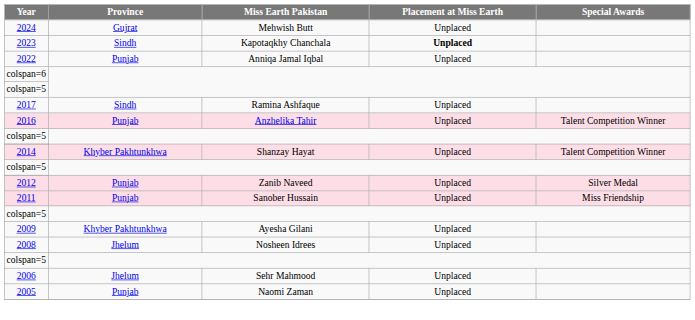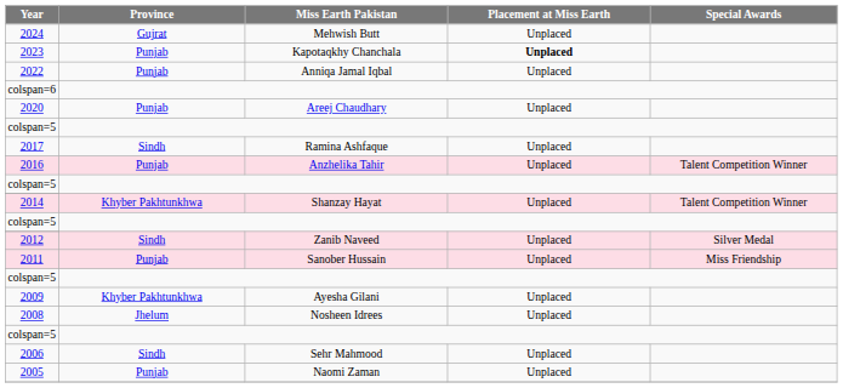 <table class="wikitable" style="font-size: 92%; text-align:center">
 <tr>
 <th width="60" style="background-color:#787878;color:#FFFFFF;">Year</th>
 <th width="230" style="background-color:#787878;color:#FFFFFF;">Province</th>
 <th width="250" style="background-color:#787878;color:#FFFFFF;">Miss Earth Pakistan</th>
 <th width="250" style="background-color:#787878;color:#FFFFFF;">Placement at Miss Earth</th>
 <th width="230" style="background-color:#787878;color:#FFFFFF;">Special Awards</th>
 </tr>
 <tr>
 <td><a href='#'>2024</a></td>
 <td><a href='#'>Gujrat</a></td>
 <td>Mehwish Butt</td>
 <td>Unplaced</td>
 <td></td>
 </tr>
 <tr>
 <td><a href='#'>2023</a></td>
-<td><a href='#'>Sindh</a></td>
+<td><a href='#'>Punjab</a></td>
 <td>Kapotaqkhy Chanchala</td>
 <td><strong>Unplaced</strong></td>
 <td></td>
 </tr>
 <tr>
 <td><a href='#'>2022</a></td>
 <td><a href='#'>Punjab</a></td>
 <td>Anniqa Jamal Iqbal</td>
 <td>Unplaced</td>
 <td></td>
 </tr>
 <tr>
 <td>colspan=6 </td>
+</tr>
+<tr>
+<td><a href='#'>2020</a></td>
+<td><a href='#'>Punjab</a></td>
+<td><a href='#'>Areej Chaudhary</a></td>
+<td>Unplaced</td>
+<td></td>
 </tr>
 <tr>
 <td>colspan=5 </td>
 </tr>
 <tr>
 <td><a href='#'>2017</a></td>
 <td><a href='#'>Sindh</a></td>
 <td>Ramina Ashfaque</td>
 <td>Unplaced</td>
 <td></td>
 </tr>
 <tr style="background-color:#FDDDE6;">
 <td><a href='#'>2016</a></td>
 <td><a href='#'>Punjab</a></td>
 <td><a href='#'>Anzhelika Tahir</a></td>
 <td>Unplaced</td>
 <td>Talent Competition Winner</td>
 </tr>
 <tr>
 <td>colspan=5 </td>
 </tr>
 <tr>
 </tr>
 <tr style="background-color:#FDDDE6;">
 <td><a href='#'>2014</a></td>
 <td><a href='#'>Khyber Pakhtunkhwa</a></td>
 <td>Shanzay Hayat</td>
 <td>Unplaced</td>
 <td>Talent Competition Winner</td>
 </tr>
 <tr>
 <td>colspan=5 </td>
 </tr>
 <tr>
 </tr>
 <tr style="background-color:#FDDDE6;">
 <td><a href='#'>2012</a></td>
-<td><a href='#'>Punjab</a></td>
+<td><a href='#'>Sindh</a></td>
 <td>Zanib Naveed</td>
 <td>Unplaced</td>
 <td>Silver Medal</td>
 </tr>
 <tr style="background-color:#FDDDE6;">
 <td><a href='#'>2011</a></td>
 <td><a href='#'>Punjab</a></td>
 <td>Sanober Hussain</td>
 <td>Unplaced</td>
 <td>Miss Friendship</td>
 </tr>
 <tr>
 <td>colspan=5 </td>
 </tr>
 <tr>
 <td><a href='#'>2009</a></td>
 <td><a href='#'>Khyber Pakhtunkhwa</a></td>
 <td>Ayesha Gilani</td>
 <td>Unplaced</td>
 <td></td>
 </tr>
 <tr>
 <td><a href='#'>2008</a></td>
 <td><a href='#'>Jhelum</a></td>
 <td>Nosheen Idrees</td>
 <td>Unplaced</td>
 <td></td>
 </tr>
 <tr>
 <td>colspan=5 </td>
 </tr>
 <tr>
 <td><a href='#'>2006</a></td>
-<td><a href='#'>Jhelum</a></td>
+<td><a href='#'>Sindh</a></td>
 <td>Sehr Mahmood</td>
 <td>Unplaced</td>
 <td></td>
 </tr>
 <tr>
 <td><a href='#'>2005</a></td>
 <td><a href='#'>Punjab</a></td>
 <td>Naomi Zaman</td>
 <td>Unplaced</td>
 <td></td>
 </tr>
 <tr>
 </tr>
 </table>
